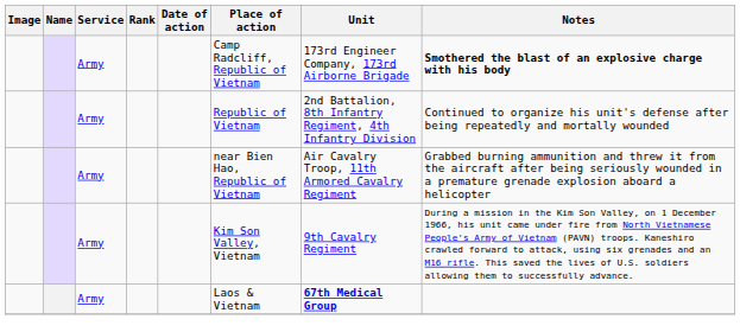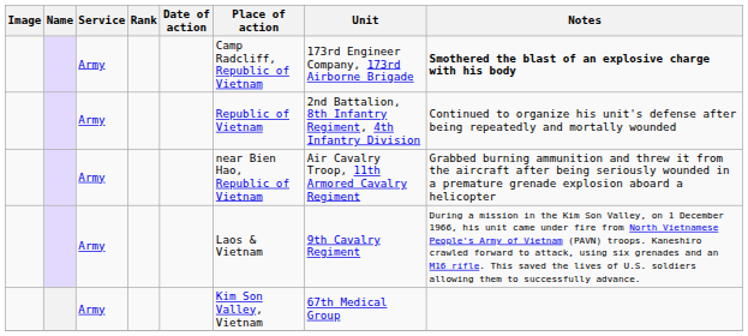 <table class="wikitable sortable plainrowheaders" width="98%">
 <tr>
 <th scope=col class="unsortable">Image</th>
 <th scope=col>Name</th>
 <th scope=col>Service</th>
 <th scope=col>Rank</th>
 <th scope=col>Date of action</th>
 <th scope=col>Place of action</th>
 <th scope=col>Unit</th>
 <th scope=col class="unsortable">Notes</th>
 </tr>
 <tr>
 <td></td>
 <th scope=row style="background:#e3d9ff;"></th>
 <td><a href='#'>Army</a></td>
 <td></td>
 <td></td>
 <td>Camp Radcliff, <a href='#'>Republic of Vietnam</a></td>
 <td>173rd Engineer Company, <a href='#'>173rd Airborne Brigade</a></td>
 <td><strong>Smothered the blast of an explosive charge with his body</strong></td>
 </tr>
 <tr>
 <td></td>
 <th scope=row style="background:#e3d9ff;"></th>
 <td><a href='#'>Army</a></td>
 <td></td>
 <td></td>
 <td><a href='#'>Republic of Vietnam</a></td>
 <td>2nd Battalion, <a href='#'>8th Infantry Regiment</a>, <a href='#'>4th Infantry Division</a></td>
 <td>Continued to organize his unit's defense after being repeatedly and mortally wounded</td>
 </tr>
 <tr>
 <td></td>
 <th scope=row style="background:#e3d9ff;"></th>
 <td><a href='#'>Army</a></td>
 <td></td>
 <td></td>
 <td>near Bien Hao, <a href='#'>Republic of Vietnam</a></td>
 <td>Air Cavalry Troop, <a href='#'>11th Armored Cavalry Regiment</a></td>
 <td>Grabbed burning ammunition and threw it from the aircraft after being seriously wounded in a premature grenade explosion aboard a helicopter</td>
 </tr>
 <tr>
 <td></td>
 <th scope=row style="background:#e3d9ff;"></th>
 <td><a href='#'>Army</a></td>
 <td></td>
 <td></td>
-<td><a href='#'>Kim Son Valley</a>, Vietnam</td>
+<td>Laos & Vietnam</td>
 <td><a href='#'>9th Cavalry Regiment</a></td>
 <td><small>During a mission in the Kim Son Valley, on 1 December 1966, his unit came under fire from <a href='#'>North Vietnamese</a> <a href='#'>People's Army of Vietnam</a> (PAVN) troops. Kaneshiro crawled forward to attack, using six grenades and an <a href='#'>M16 rifle</a>. This saved the lives of U.S. soldiers allowing them to successfully advance.</small></td>
 </tr>
 <tr>
 <td></td>
 <th scope=row></th>
 <td><a href='#'>Army</a></td>
 <td></td>
 <td></td>
-<td>Laos & Vietnam</td>
-<td><strong><a href='#'>67th Medical Group</a></strong></td>
+<td><a href='#'>Kim Son Valley</a>, Vietnam</td>
+<td><a href='#'>67th Medical Group</a></td>
 <td></td>
 </tr>
 <tr>
 </tr>
 </table>
